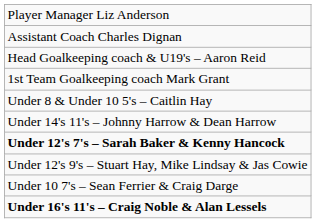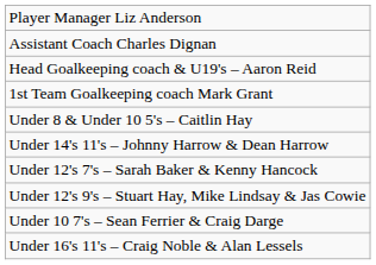 <table class="wikitable">
 <tr>
 <td>Player Manager Liz Anderson</td>
 </tr>
 <tr>
 <td>Assistant Coach Charles Dignan</td>
 </tr>
 <tr>
 <td>Head Goalkeeping coach & U19's – Aaron Reid</td>
 </tr>
 <tr>
 <td>1st Team Goalkeeping coach Mark Grant</td>
 </tr>
 <tr>
 <td>Under 8 & Under 10 5's – Caitlin Hay</td>
 </tr>
 <tr>
 <td>Under 14's 11's – Johnny Harrow & Dean Harrow</td>
 </tr>
 <tr>
-<td><strong>Under 12's 7's – Sarah Baker & Kenny Hancock</strong></td>
+<td>Under 12's 7's – Sarah Baker & Kenny Hancock</td>
 </tr>
 <tr>
 <td>Under 12's 9's – Stuart Hay, Mike Lindsay & Jas Cowie</td>
 </tr>
 <tr>
 <td>Under 10 7's – Sean Ferrier & Craig Darge</td>
 </tr>
 <tr>
-<td><strong>Under 16's 11's – Craig Noble & Alan Lessels</strong></td>
+<td>Under 16's 11's – Craig Noble & Alan Lessels</td>
 </tr>
 </table>
